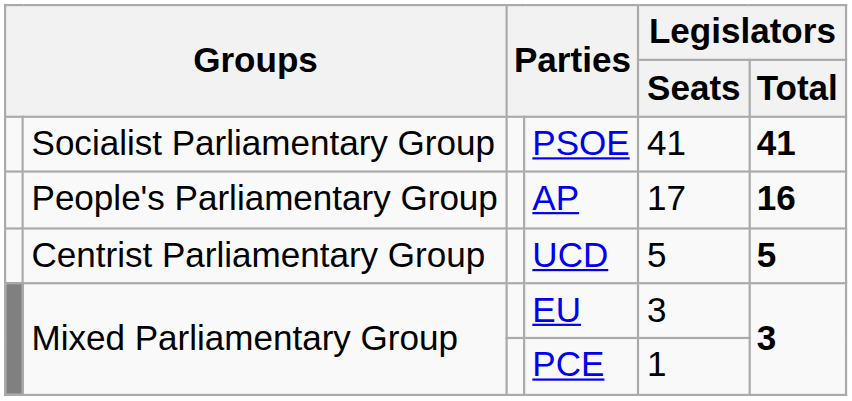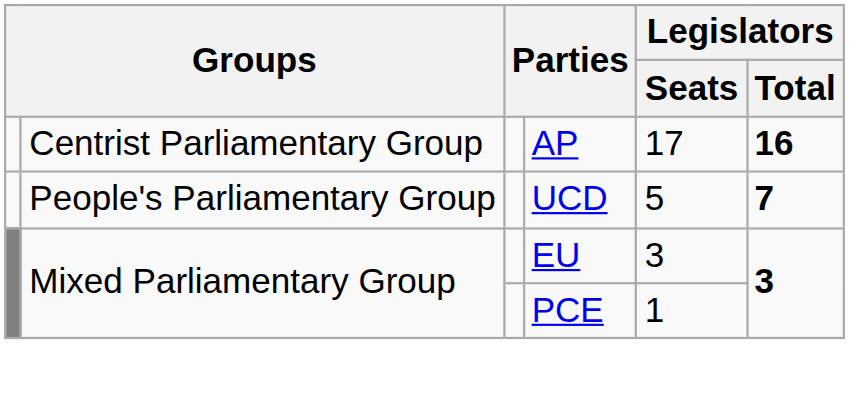 <table class="wikitable" style="text-align:left;">
 <tr>
 <th rowspan="2" colspan="2">Groups</th>
 <th rowspan="2" colspan="2">Parties</th>
 <th colspan="2">Legislators</th>
 </tr>
 <tr>
 <th>Seats</th>
 <th>Total</th>
 </tr>
 <tr>
-<td width="1" style="color:inherit;background:"></td>
-<td>Socialist Parliamentary Group</td>
-<td width="1" style="color:inherit;background:"></td>
-<td><a href='#'>PSOE</a></td>
-<td>41</td>
-<td><strong>41</strong></td>
-</tr>
-<tr>
 <td style="color:inherit;background:"></td>
-<td>People's Parliamentary Group</td>
+<td>Centrist Parliamentary Group</td>
 <td style="color:inherit;background:"></td>
 <td><a href='#'>AP</a></td>
 <td>17</td>
 <td><strong>16</strong></td>
 </tr>
 <tr>
 <td style="color:inherit;background:"></td>
-<td>Centrist Parliamentary Group</td>
+<td>People's Parliamentary Group</td>
 <td style="color:inherit;background:"></td>
 <td><a href='#'>UCD</a></td>
 <td>5</td>
-<td><strong>5</strong></td>
+<td><strong>7</strong></td>
 </tr>
 <tr>
 <td rowspan="2" bgcolor="gray"></td>
 <td rowspan="2">Mixed Parliamentary Group</td>
 <td style="color:inherit;background:"></td>
 <td><a href='#'>EU</a></td>
 <td>3</td>
 <td rowspan="2"><strong>3</strong></td>
 </tr>
 <tr>
 <td style="color:inherit;background:"></td>
 <td><a href='#'>PCE</a></td>
 <td>1</td>
 </tr>
 </table>
